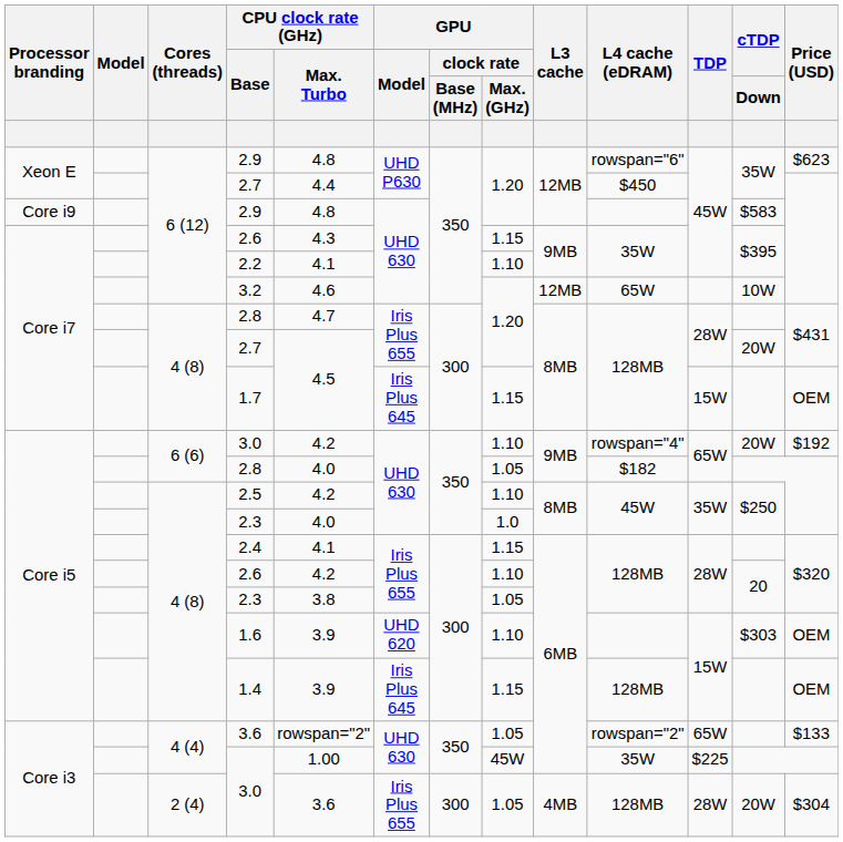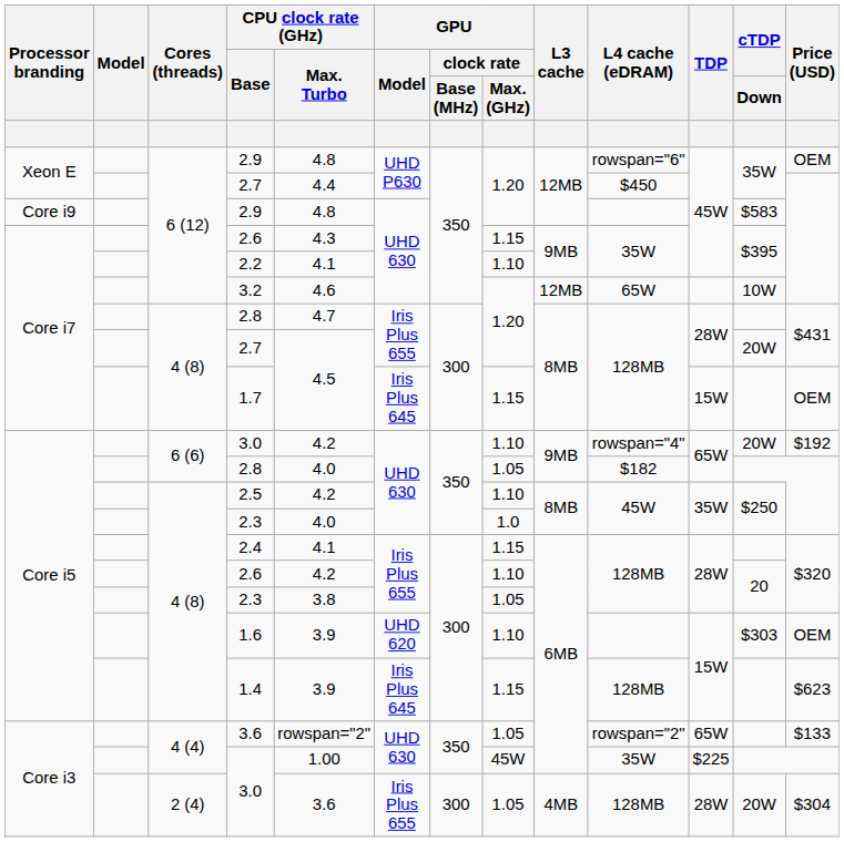 <table class="wikitable sortable hover-highlight" style="text-align: center; text-align: center">
 <tr>
 <th rowspan="3">Processor <br> branding</th>
 <th rowspan="3">Model</th>
 <th rowspan="3">Cores <br> (threads)</th>
 <th colspan="2">CPU <a href='#'>clock rate</a> (GHz)</th>
 <th colspan="3">GPU</th>
 <th rowspan="3">L3 <br> cache</th>
 <th rowspan="3">L4 cache <br> (eDRAM)</th>
 <th rowspan="3"><a href='#'>TDP</a></th>
 <th rowspan="2"><a href='#'>cTDP</a></th>
 <th rowspan="3">Price <br> (USD)</th>
 </tr>
 <tr>
 <th rowspan="2">Base</th>
 <th rowspan="2">Max.<br><a href='#'>Turbo</a></th>
 <th rowspan="2">Model</th>
 <th colspan="2">clock rate</th>
 </tr>
 <tr>
 <th>Base<br>(MHz)</th>
 <th>Max.<br>(GHz)</th>
 <th>Down</th>
 </tr>
 <tr>
 <th style="background-position:center"><br></th>
 <th style="background-position:center"></th>
 <th style="background-position:center"></th>
 <th style="background-position:center"></th>
 <th style="background-position:center"></th>
 <th style="background-position:center"></th>
 <th style="background-position:center"></th>
 <th style="background-position:center"></th>
 <th style="background-position:center"></th>
 <th style="background-position:center"></th>
 <th style="background-position:center"></th>
 <th style="background-position:center"></th>
 <th style="background-position:center"></th>
 </tr>
 <tr>
 <td rowspan="2">Xeon E</td>
 <td></td>
 <td rowspan="6">6 (12)</td>
 <td>2.9</td>
 <td>4.8</td>
 <td rowspan="2"><a href='#'>UHD P630</a></td>
 <td rowspan="6">350</td>
 <td rowspan="3">1.20</td>
 <td rowspan="3">12MB</td>
 <td>rowspan="6" </td>
 <td rowspan="5">45W</td>
 <td rowspan="2">35W</td>
-<td>$623</td>
+<td>OEM</td>
 </tr>
 <tr>
 <td></td>
 <td>2.7</td>
 <td>4.4</td>
 <td>$450</td>
 </tr>
 <tr>
 <td>Core i9</td>
 <td></td>
 <td>2.9</td>
 <td>4.8</td>
 <td rowspan="4"><a href='#'>UHD 630</a></td>
 <td></td>
 <td>$583</td>
 </tr>
 <tr>
 <td rowspan="6">Core i7</td>
 <td></td>
 <td>2.6</td>
 <td>4.3</td>
 <td>1.15</td>
 <td rowspan="2">9MB</td>
 <td rowspan="2">35W</td>
 <td rowspan="2">$395</td>
 </tr>
 <tr>
 <td></td>
 <td>2.2</td>
 <td>4.1</td>
 <td>1.10</td>
 </tr>
 <tr>
 <td></td>
 <td>3.2</td>
 <td>4.6</td>
 <td rowspan="3">1.20</td>
 <td>12MB</td>
 <td>65W</td>
 <td></td>
 <td>10W</td>
 </tr>
 <tr>
 <td></td>
 <td rowspan="3">4 (8)</td>
 <td>2.8</td>
 <td>4.7</td>
 <td rowspan="2"><a href='#'>Iris Plus 655</a></td>
 <td rowspan="3">300</td>
 <td rowspan="3">8MB</td>
 <td rowspan="3">128MB</td>
 <td rowspan="2">28W</td>
 <td></td>
 <td rowspan="2">$431</td>
 </tr>
 <tr>
 <td></td>
 <td>2.7</td>
 <td rowspan="2">4.5</td>
 <td>20W</td>
 </tr>
 <tr>
 <td></td>
 <td>1.7</td>
 <td><a href='#'>Iris Plus 645</a></td>
 <td>1.15</td>
 <td>15W</td>
 <td></td>
 <td>OEM</td>
 </tr>
 <tr>
 <td rowspan="9">Core i5</td>
 <td></td>
 <td rowspan="2">6 (6)</td>
 <td>3.0</td>
 <td>4.2</td>
 <td rowspan="4"><a href='#'>UHD 630</a></td>
 <td rowspan="4">350</td>
 <td>1.10</td>
 <td rowspan="2">9MB</td>
 <td>rowspan="4" </td>
 <td rowspan="2">65W</td>
 <td>20W</td>
 <td>$192</td>
 </tr>
 <tr>
 <td></td>
 <td>2.8</td>
 <td>4.0</td>
 <td>1.05</td>
 <td>$182</td>
 </tr>
 <tr>
 <td></td>
 <td rowspan="7">4 (8)</td>
 <td>2.5</td>
 <td>4.2</td>
 <td>1.10</td>
 <td rowspan="2">8MB</td>
 <td rowspan="2">45W</td>
 <td rowspan="2">35W</td>
 <td rowspan="2">$250</td>
 </tr>
 <tr>
 <td></td>
 <td>2.3</td>
 <td>4.0</td>
 <td>1.0</td>
 </tr>
 <tr>
 <td></td>
 <td>2.4</td>
 <td>4.1</td>
 <td rowspan="3"><a href='#'>Iris Plus 655</a></td>
 <td rowspan="5">300</td>
 <td>1.15</td>
 <td rowspan="7">6MB</td>
 <td rowspan="3">128MB</td>
 <td rowspan="3">28W</td>
 <td></td>
 <td rowspan="3">$320</td>
 </tr>
 <tr>
 <td></td>
 <td>2.6</td>
 <td>4.2</td>
 <td>1.10</td>
 <td rowspan="2">20</td>
 </tr>
 <tr>
 <td></td>
 <td>2.3</td>
 <td>3.8</td>
 <td>1.05</td>
 </tr>
 <tr>
 <td></td>
 <td>1.6</td>
 <td>3.9</td>
 <td><a href='#'>UHD 620</a></td>
 <td>1.10</td>
 <td></td>
 <td rowspan="2">15W</td>
 <td>$303</td>
 <td>OEM</td>
 </tr>
 <tr>
 <td></td>
 <td>1.4</td>
 <td>3.9</td>
 <td><a href='#'>Iris Plus 645</a></td>
 <td>1.15</td>
 <td>128MB</td>
 <td></td>
-<td>OEM</td>
+<td>$623</td>
 </tr>
 <tr>
 <td rowspan="3">Core i3</td>
 <td></td>
 <td rowspan="2">4 (4)</td>
 <td>3.6</td>
 <td>rowspan="2" </td>
 <td rowspan="2"><a href='#'>UHD 630</a></td>
 <td rowspan="2">350</td>
 <td>1.05</td>
 <td>rowspan="2" </td>
 <td>65W</td>
 <td></td>
 <td>$133</td>
 </tr>
 <tr>
 <td></td>
 <td rowspan="2">3.0</td>
 <td>1.00</td>
 <td>45W</td>
 <td>35W</td>
 <td>$225</td>
 </tr>
 <tr>
 <td></td>
 <td>2 (4)</td>
 <td>3.6</td>
 <td><a href='#'>Iris Plus 655</a></td>
 <td>300</td>
 <td>1.05</td>
 <td>4MB</td>
 <td>128MB</td>
 <td>28W</td>
 <td>20W</td>
 <td>$304</td>
 </tr>
 </table>
